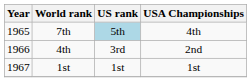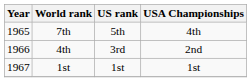 <table class=wikitable>
 <tr>
 <th>Year</th>
 <th>World rank</th>
 <th>US rank</th>
 <th>USA Championships</th>
 </tr>
 <tr>
 <td>1965</td>
 <td align="center">7th</td>
-<td align="center" style="background: lightblue;">5th</td>
+<td align="center">5th</td>
 <td align="center">4th</td>
 </tr>
 <tr>
 <td>1966</td>
 <td align="center">4th</td>
 <td align="center">3rd</td>
 <td align="center">2nd</td>
 </tr>
 <tr>
 <td>1967</td>
 <td align="center">1st</td>
 <td align="center">1st</td>
 <td align="center">1st</td>
 </tr>
 <tr>
 </tr>
 </table>
